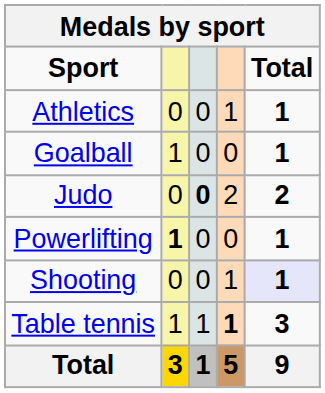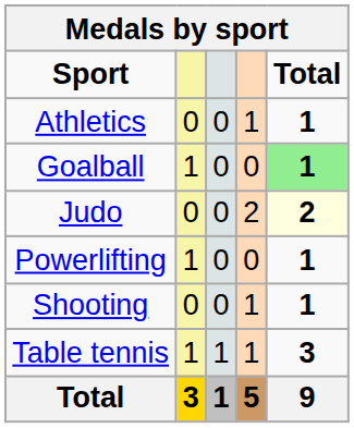 <table class=wikitable style="font-size:85%">
 <tr bgcolor=efefef>
 <th colspan=7>Medals by sport</th>
 </tr>
 <tr align=center>
 <td><strong>Sport</strong></td>
 <td bgcolor=f7f6a8></td>
 <td bgcolor=dce5e5></td>
 <td bgcolor=ffdab9></td>
 <td><strong>Total</strong></td>
 </tr>
 <tr align=center>
 <td><a href='#'>Athletics</a></td>
 <td style="background:#F7F6A8;">0</td>
 <td style="background:#DCE5E5;">0</td>
 <td style="background:#FFDAB9;">1</td>
 <td><strong>1</strong></td>
 </tr>
 <tr align=center>
 <td><a href='#'>Goalball</a></td>
 <td style="background:#F7F6A8;">1</td>
 <td style="background:#DCE5E5;">0</td>
 <td style="background:#FFDAB9;">0</td>
-<td><strong>1</strong></td>
+<td style="background: lightgreen;"><strong>1</strong></td>
 </tr>
 <tr align=center>
 <td><a href='#'>Judo</a></td>
 <td style="background:#F7F6A8;">0</td>
-<td style="background:#DCE5E5;"><strong>0</strong></td>
+<td style="background:#DCE5E5;">0</td>
 <td style="background:#FFDAB9;">2</td>
-<td><strong>2</strong></td>
+<td style="background: lightyellow;"><strong>2</strong></td>
 </tr>
 <tr align=center>
 <td><a href='#'>Powerlifting</a></td>
-<td style="background:#F7F6A8;"><strong>1</strong></td>
+<td style="background:#F7F6A8;">1</td>
 <td style="background:#DCE5E5;">0</td>
 <td style="background:#FFDAB9;">0</td>
 <td><strong>1</strong></td>
 </tr>
 <tr align=center>
 <td><a href='#'>Shooting</a></td>
 <td style="background:#F7F6A8;">0</td>
 <td style="background:#DCE5E5;">0</td>
 <td style="background:#FFDAB9;">1</td>
-<td style="background: lavender;"><strong>1</strong></td>
+<td><strong>1</strong></td>
 </tr>
 <tr align=center>
 <td><a href='#'>Table tennis</a></td>
 <td style="background:#F7F6A8;">1</td>
 <td style="background:#DCE5E5;">1</td>
-<td style="background:#FFDAB9;"><strong>1</strong></td>
+<td style="background:#FFDAB9;">1</td>
 <td><strong>3</strong></td>
 </tr>
 <tr align=center>
 <th>Total</th>
 <th style="background:gold;">3</th>
 <th style="background:silver;">1</th>
 <th style="background:#c96;">5</th>
 <th>9</th>
 </tr>
 </table>
